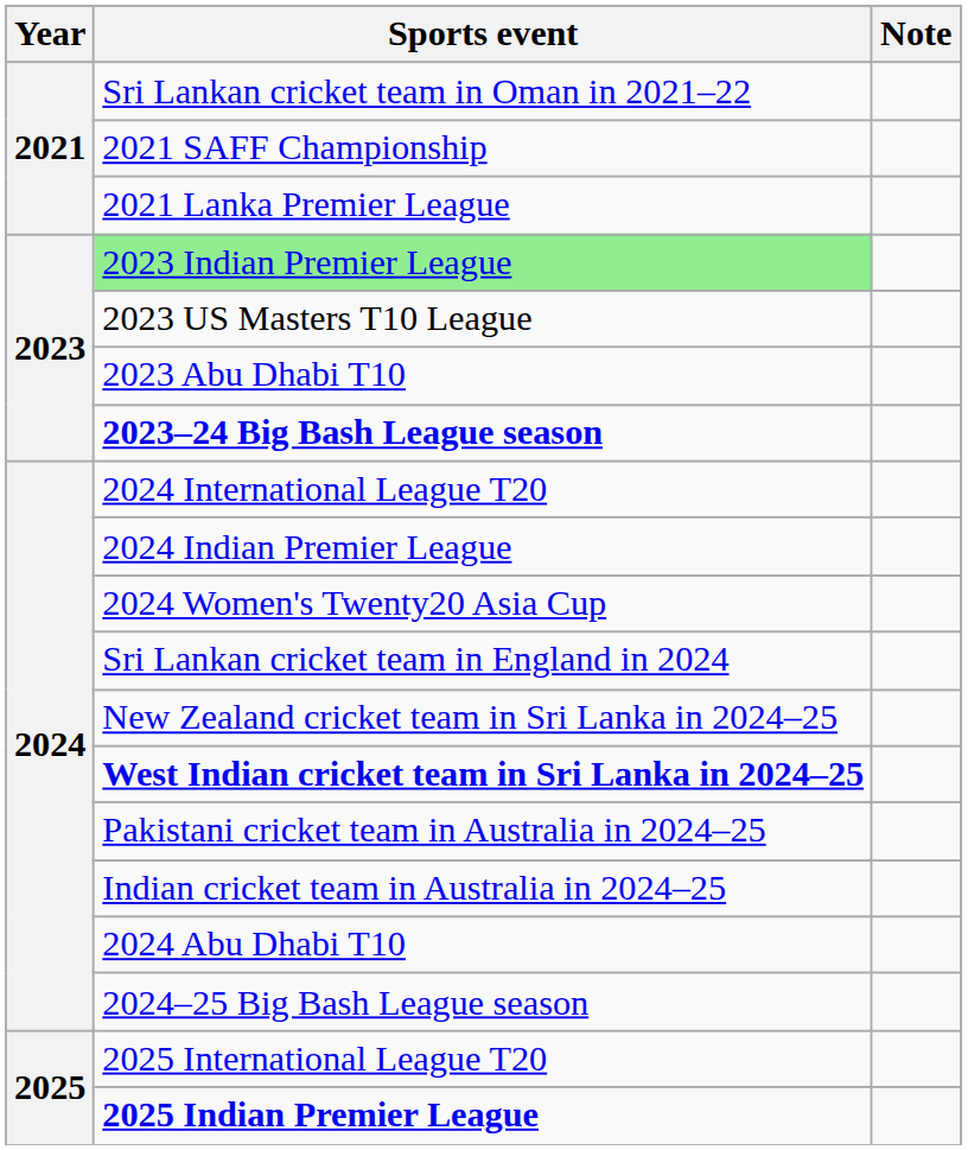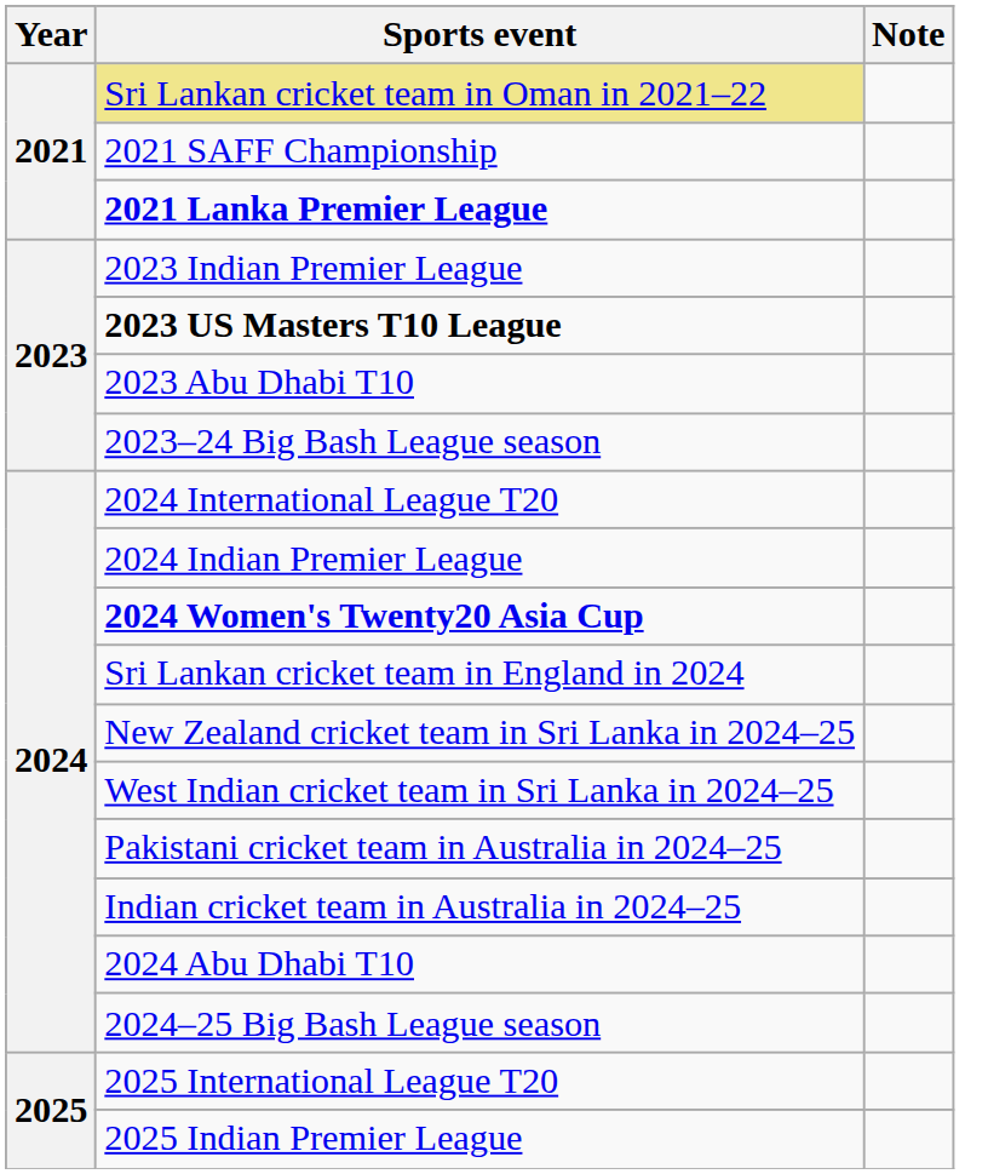 <table class="wikitable">
 <tr>
 <th>Year</th>
 <th>Sports event</th>
 <th>Note</th>
 </tr>
 <tr>
 <th rowspan="3">2021</th>
-<td><a href='#'>Sri Lankan cricket team in Oman in 2021–22</a></td>
+<td style="background: khaki;"><a href='#'>Sri Lankan cricket team in Oman in 2021–22</a></td>
 <td></td>
 </tr>
 <tr>
 <td><a href='#'>2021 SAFF Championship</a></td>
 <td></td>
 </tr>
 <tr>
-<td><a href='#'>2021 Lanka Premier League</a></td>
+<td><strong><a href='#'>2021 Lanka Premier League</a></strong></td>
 <td></td>
 </tr>
 <tr>
 <th rowspan="4">2023</th>
-<td style="background: lightgreen;"><a href='#'>2023 Indian Premier League</a></td>
+<td><a href='#'>2023 Indian Premier League</a></td>
 <td></td>
 </tr>
 <tr>
-<td>2023 US Masters T10 League</td>
+<td><strong>2023 US Masters T10 League</strong></td>
 <td></td>
 </tr>
 <tr>
 <td><a href='#'>2023 Abu Dhabi T10</a></td>
 <td></td>
 </tr>
 <tr>
-<td><strong><a href='#'>2023–24 Big Bash League season</a></strong></td>
+<td><a href='#'>2023–24 Big Bash League season</a></td>
 <td></td>
 </tr>
 <tr>
 <th rowspan="10">2024</th>
 <td><a href='#'>2024 International League T20</a></td>
 <td></td>
 </tr>
 <tr>
 <td><a href='#'>2024 Indian Premier League</a></td>
 <td></td>
 </tr>
 <tr>
-<td><a href='#'>2024 Women's Twenty20 Asia Cup</a></td>
+<td><strong><a href='#'>2024 Women's Twenty20 Asia Cup</a></strong></td>
 <td></td>
 </tr>
 <tr>
 <td><a href='#'>Sri Lankan cricket team in England in 2024</a></td>
 <td></td>
 </tr>
 <tr>
 <td><a href='#'>New Zealand cricket team in Sri Lanka in 2024–25</a></td>
 <td></td>
 </tr>
 <tr>
-<td><strong><a href='#'>West Indian cricket team in Sri Lanka in 2024–25</a></strong></td>
+<td><a href='#'>West Indian cricket team in Sri Lanka in 2024–25</a></td>
 <td></td>
 </tr>
 <tr>
 <td><a href='#'>Pakistani cricket team in Australia in 2024–25</a></td>
 <td></td>
 </tr>
 <tr>
 <td><a href='#'>Indian cricket team in Australia in 2024–25</a></td>
 <td></td>
 </tr>
 <tr>
 <td><a href='#'>2024 Abu Dhabi T10</a></td>
 <td></td>
 </tr>
 <tr>
 <td><a href='#'>2024–25 Big Bash League season</a></td>
 <td></td>
 </tr>
 <tr>
 <th rowspan=2>2025</th>
 <td><a href='#'>2025 International League T20</a></td>
 <td></td>
 </tr>
 <tr>
-<td><strong><a href='#'>2025 Indian Premier League</a></strong></td>
+<td><a href='#'>2025 Indian Premier League</a></td>
 <td></td>
 </tr>
 </table>
